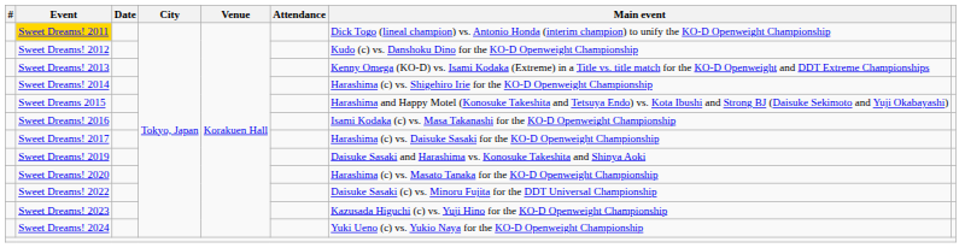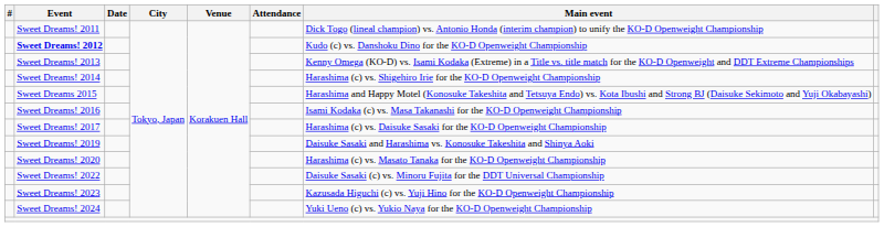 <table class="wikitable sortable" align="center" style="font-size:85%;">
 <tr>
 <th>#</th>
 <th>Event</th>
 <th>Date</th>
 <th>City</th>
 <th>Venue</th>
 <th>Attendance</th>
 <th class="unsortable">Main event</th>
 <th class="unsortable"></th>
 </tr>
 <tr>
 <td></td>
-<td style="background: gold;"><a href='#'>Sweet Dreams! 2011</a></td>
+<td><a href='#'>Sweet Dreams! 2011</a></td>
 <td style="white-space:nowrap;"></td>
 <td rowspan="12" style="white-space:nowrap;"><a href='#'>Tokyo, Japan</a></td>
 <td rowspan="12" style="white-space:nowrap;"><a href='#'>Korakuen Hall</a></td>
 <td></td>
 <td align="left"><a href='#'>Dick Togo</a> (<a href='#'>lineal champion</a>) vs. <a href='#'>Antonio Honda</a> (<a href='#'>interim champion</a>) to unify the <a href='#'>KO-D Openweight Championship</a></td>
 <td></td>
 </tr>
 <tr>
 <td></td>
-<td><a href='#'>Sweet Dreams! 2012</a></td>
+<td><strong><a href='#'>Sweet Dreams! 2012</a></strong></td>
 <td></td>
 <td></td>
 <td align="left"><a href='#'>Kudo</a> (c) vs. <a href='#'>Danshoku Dino</a> for the <a href='#'>KO-D Openweight Championship</a></td>
 <td></td>
 </tr>
 <tr>
 <td></td>
 <td><a href='#'>Sweet Dreams! 2013</a></td>
 <td></td>
 <td></td>
 <td align="left"><a href='#'>Kenny Omega</a> (KO-D) vs. <a href='#'>Isami Kodaka</a> (Extreme) in a <a href='#'>Title vs. title match</a> for the <a href='#'>KO-D Openweight</a> and <a href='#'>DDT Extreme Championships</a></td>
 <td></td>
 </tr>
 <tr>
 <td></td>
 <td><a href='#'>Sweet Dreams! 2014</a></td>
 <td></td>
 <td></td>
 <td align="left"><a href='#'>Harashima</a> (c) vs. <a href='#'>Shigehiro Irie</a> for the <a href='#'>KO-D Openweight Championship</a></td>
 <td></td>
 </tr>
 <tr>
 <td></td>
 <td><a href='#'>Sweet Dreams 2015</a></td>
 <td></td>
 <td></td>
 <td align="left"><a href='#'>Harashima</a> and Happy Motel (<a href='#'>Konosuke Takeshita</a> and <a href='#'>Tetsuya Endo</a>) vs. <a href='#'>Kota Ibushi</a> and <a href='#'>Strong BJ</a> (<a href='#'>Daisuke Sekimoto</a> and <a href='#'>Yuji Okabayashi</a>)</td>
 <td></td>
 </tr>
 <tr>
 <td></td>
 <td><a href='#'>Sweet Dreams! 2016</a></td>
 <td></td>
 <td></td>
 <td align="left"><a href='#'>Isami Kodaka</a> (c) vs. <a href='#'>Masa Takanashi</a> for the <a href='#'>KO-D Openweight Championship</a></td>
 <td></td>
 </tr>
 <tr>
 <td></td>
 <td><a href='#'>Sweet Dreams! 2017</a></td>
 <td></td>
 <td></td>
 <td align="left"><a href='#'>Harashima</a> (c) vs. <a href='#'>Daisuke Sasaki</a> for the <a href='#'>KO-D Openweight Championship</a></td>
 <td></td>
 </tr>
 <tr>
 <td></td>
 <td><a href='#'>Sweet Dreams! 2019</a></td>
 <td></td>
 <td></td>
 <td align="left"><a href='#'>Daisuke Sasaki</a> and <a href='#'>Harashima</a> vs. <a href='#'>Konosuke Takeshita</a> and <a href='#'>Shinya Aoki</a></td>
 <td></td>
 </tr>
 <tr>
 <td></td>
 <td style="white-space:nowrap;"><a href='#'>Sweet Dreams! 2020</a></td>
 <td></td>
 <td></td>
 <td align="left"><a href='#'>Harashima</a> (c) vs. <a href='#'>Masato Tanaka</a> for the <a href='#'>KO-D Openweight Championship</a></td>
 <td></td>
 </tr>
 <tr>
 <td></td>
 <td><a href='#'>Sweet Dreams! 2022</a></td>
 <td></td>
 <td></td>
 <td align="left"><a href='#'>Daisuke Sasaki</a> (c) vs. <a href='#'>Minoru Fujita</a> for the <a href='#'>DDT Universal Championship</a></td>
 <td></td>
 </tr>
 <tr>
 <td></td>
 <td><a href='#'>Sweet Dreams! 2023</a></td>
 <td></td>
 <td></td>
 <td align="left"><a href='#'>Kazusada Higuchi</a> (c) vs. <a href='#'>Yuji Hino</a> for the <a href='#'>KO-D Openweight Championship</a></td>
 <td></td>
 </tr>
 <tr>
 <td></td>
 <td><a href='#'>Sweet Dreams! 2024</a></td>
 <td></td>
 <td></td>
 <td align="left"><a href='#'>Yuki Ueno</a> (c) vs. <a href='#'>Yukio Naya</a> for the <a href='#'>KO-D Openweight Championship</a></td>
 <td></td>
 </tr>
 <tr>
 <td colspan="8"></td>
 </tr>
 </table>
